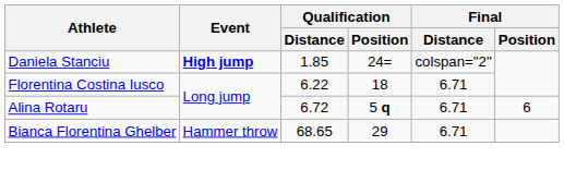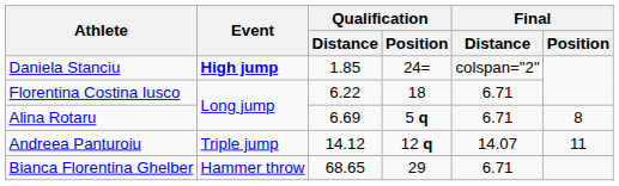 <table class="wikitable" style="font-size:90%">
 <tr>
 <th rowspan="2">Athlete</th>
 <th rowspan="2">Event</th>
 <th colspan="2">Qualification</th>
 <th colspan="2">Final</th>
 </tr>
 <tr>
 <th>Distance</th>
 <th>Position</th>
 <th>Distance</th>
 <th>Position</th>
 </tr>
 <tr style=text-align:center>
 <td style=text-align:left><a href='#'>Daniela Stanciu</a></td>
 <td style=text-align:left><strong><a href='#'>High jump</a></strong></td>
 <td>1.85</td>
 <td>24=</td>
 <td>colspan="2" </td>
 </tr>
 <tr style=text-align:center>
 <td style=text-align:left><a href='#'>Florentina Costina Iusco</a></td>
 <td style=text-align:left rowspan="2"><a href='#'>Long jump</a></td>
 <td>6.22</td>
 <td>18</td>
 <td>6.71</td>
 </tr>
 <tr style=text-align:center>
 <td style=text-align:left><a href='#'>Alina Rotaru</a></td>
-<td>6.72</td>
+<td>6.69</td>
 <td>5 <strong>q</strong></td>
 <td>6.71</td>
-<td>6</td>
+<td>8</td>
+</tr>
+<tr style=text-align:center>
+<td style=text-align:left><a href='#'>Andreea Panturoiu</a></td>
+<td style=text-align:left><a href='#'>Triple jump</a></td>
+<td>14.12</td>
+<td>12 <strong>q</strong></td>
+<td>14.07</td>
+<td>11</td>
 </tr>
 <tr style=text-align:center>
 <td style=text-align:left><a href='#'>Bianca Florentina Ghelber</a></td>
 <td style=text-align:left><a href='#'>Hammer throw</a></td>
 <td>68.65</td>
 <td>29</td>
 <td>6.71</td>
 </tr>
 </table>
